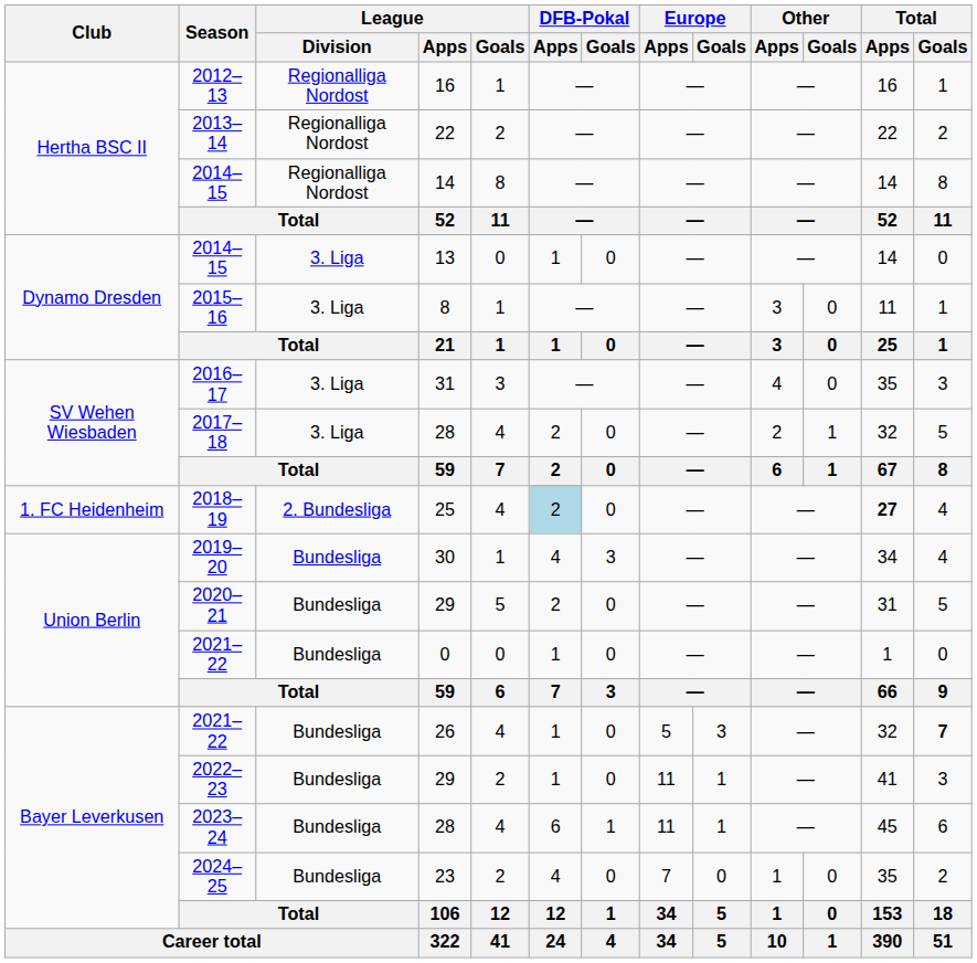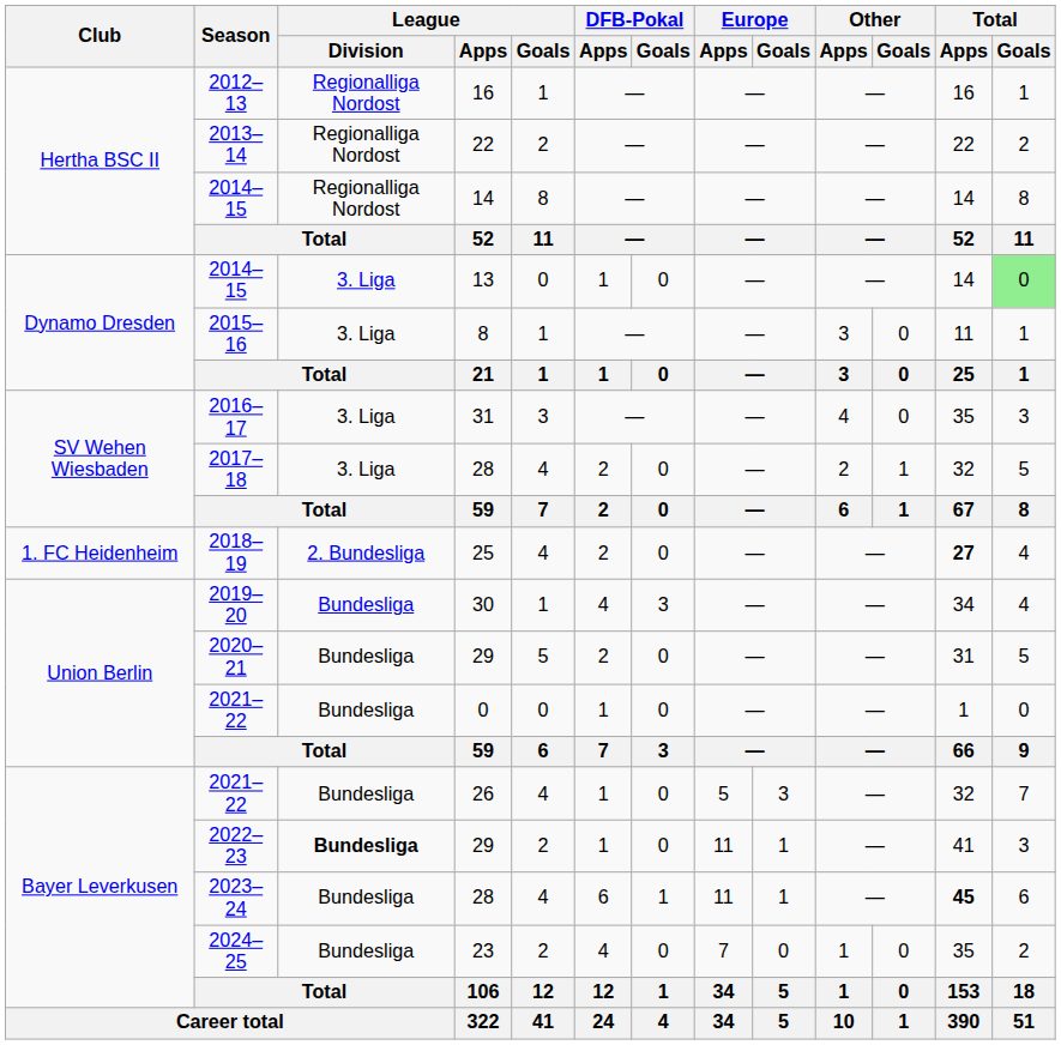 <table class="wikitable" style="text-align:center">
 <tr>
 <th rowspan="2">Club</th>
 <th rowspan="2">Season</th>
 <th colspan="3">League</th>
 <th colspan="2"><a href='#'>DFB-Pokal</a></th>
 <th colspan="2"><a href='#'>Europe</a></th>
 <th colspan="2">Other</th>
 <th colspan="2">Total</th>
 </tr>
 <tr>
 <th>Division</th>
 <th>Apps</th>
 <th>Goals</th>
 <th>Apps</th>
 <th>Goals</th>
 <th>Apps</th>
 <th>Goals</th>
 <th>Apps</th>
 <th>Goals</th>
 <th>Apps</th>
 <th>Goals</th>
 </tr>
 <tr>
 <td rowspan="4"><a href='#'>Hertha BSC II</a></td>
 <td><a href='#'>2012–13</a></td>
 <td><a href='#'>Regionalliga Nordost</a></td>
 <td>16</td>
 <td>1</td>
 <td colspan="2">—</td>
 <td colspan="2">—</td>
 <td colspan="2">—</td>
 <td>16</td>
 <td>1</td>
 </tr>
 <tr>
 <td><a href='#'>2013–14</a></td>
 <td>Regionalliga Nordost</td>
 <td>22</td>
 <td>2</td>
 <td colspan="2">—</td>
 <td colspan="2">—</td>
 <td colspan="2">—</td>
 <td>22</td>
 <td>2</td>
 </tr>
 <tr>
 <td><a href='#'>2014–15</a></td>
 <td>Regionalliga Nordost</td>
 <td>14</td>
 <td>8</td>
 <td colspan="2">—</td>
 <td colspan="2">—</td>
 <td colspan="2">—</td>
 <td>14</td>
 <td>8</td>
 </tr>
 <tr>
 <th colspan="2">Total</th>
 <th>52</th>
 <th>11</th>
 <th colspan="2">—</th>
 <th colspan="2">—</th>
 <th colspan="2">—</th>
 <th>52</th>
 <th>11</th>
 </tr>
 <tr>
 <td rowspan="3"><a href='#'>Dynamo Dresden</a></td>
 <td><a href='#'>2014–15</a></td>
 <td><a href='#'>3. Liga</a></td>
 <td>13</td>
 <td>0</td>
 <td>1</td>
 <td>0</td>
 <td colspan="2">—</td>
 <td colspan="2">—</td>
 <td>14</td>
-<td>0</td>
+<td style="background: lightgreen;">0</td>
 </tr>
 <tr>
 <td><a href='#'>2015–16</a></td>
 <td>3. Liga</td>
 <td>8</td>
 <td>1</td>
 <td colspan="2">—</td>
 <td colspan="2">—</td>
 <td>3</td>
 <td>0</td>
 <td>11</td>
 <td>1</td>
 </tr>
 <tr>
 <th colspan="2">Total</th>
 <th>21</th>
 <th>1</th>
 <th>1</th>
 <th>0</th>
 <th colspan="2">—</th>
 <th>3</th>
 <th>0</th>
 <th>25</th>
 <th>1</th>
 </tr>
 <tr>
 <td rowspan="3"><a href='#'>SV Wehen Wiesbaden</a></td>
 <td><a href='#'>2016–17</a></td>
 <td>3. Liga</td>
 <td>31</td>
 <td>3</td>
 <td colspan="2">—</td>
 <td colspan="2">—</td>
 <td>4</td>
 <td>0</td>
 <td>35</td>
 <td>3</td>
 </tr>
 <tr>
 <td><a href='#'>2017–18</a></td>
 <td>3. Liga</td>
 <td>28</td>
 <td>4</td>
 <td>2</td>
 <td>0</td>
 <td colspan="2">—</td>
 <td>2</td>
 <td>1</td>
 <td>32</td>
 <td>5</td>
 </tr>
 <tr>
 <th colspan="2">Total</th>
 <th>59</th>
 <th>7</th>
 <th>2</th>
 <th>0</th>
 <th colspan="2">—</th>
 <th>6</th>
 <th>1</th>
 <th>67</th>
 <th>8</th>
 </tr>
 <tr>
 <td><a href='#'>1. FC Heidenheim</a></td>
 <td><a href='#'>2018–19</a></td>
 <td><a href='#'>2. Bundesliga</a></td>
 <td>25</td>
 <td>4</td>
-<td style="background: lightblue;">2</td>
+<td>2</td>
 <td>0</td>
 <td colspan="2">—</td>
 <td colspan="2">—</td>
 <td><strong>27</strong></td>
 <td>4</td>
 </tr>
 <tr>
 <td rowspan="4"><a href='#'>Union Berlin</a></td>
 <td><a href='#'>2019–20</a></td>
 <td><a href='#'>Bundesliga</a></td>
 <td>30</td>
 <td>1</td>
 <td>4</td>
 <td>3</td>
 <td colspan="2">—</td>
 <td colspan="2">—</td>
 <td>34</td>
 <td>4</td>
 </tr>
 <tr>
 <td><a href='#'>2020–21</a></td>
 <td>Bundesliga</td>
 <td>29</td>
 <td>5</td>
 <td>2</td>
 <td>0</td>
 <td colspan="2">—</td>
 <td colspan="2">—</td>
 <td>31</td>
 <td>5</td>
 </tr>
 <tr>
 <td><a href='#'>2021–22</a></td>
 <td>Bundesliga</td>
 <td>0</td>
 <td>0</td>
 <td>1</td>
 <td>0</td>
 <td colspan="2">—</td>
 <td colspan="2">—</td>
 <td>1</td>
 <td>0</td>
 </tr>
 <tr>
 <th colspan="2">Total</th>
 <th>59</th>
 <th>6</th>
 <th>7</th>
 <th>3</th>
 <th colspan="2">—</th>
 <th colspan="2">—</th>
 <th>66</th>
 <th>9</th>
 </tr>
 <tr>
 <td rowspan="5"><a href='#'>Bayer Leverkusen</a></td>
 <td><a href='#'>2021–22</a></td>
 <td>Bundesliga</td>
 <td>26</td>
 <td>4</td>
 <td>1</td>
 <td>0</td>
 <td>5</td>
 <td>3</td>
 <td colspan="2">—</td>
 <td>32</td>
-<td><strong>7</strong></td>
+<td>7</td>
 </tr>
 <tr>
 <td><a href='#'>2022–23</a></td>
-<td>Bundesliga</td>
+<td><strong>Bundesliga</strong></td>
 <td>29</td>
 <td>2</td>
 <td>1</td>
 <td>0</td>
 <td>11</td>
 <td>1</td>
 <td colspan="2">—</td>
 <td>41</td>
 <td>3</td>
 </tr>
 <tr>
 <td><a href='#'>2023–24</a></td>
 <td>Bundesliga</td>
 <td>28</td>
 <td>4</td>
 <td>6</td>
 <td>1</td>
 <td>11</td>
 <td>1</td>
 <td colspan="2">—</td>
-<td>45</td>
+<td><strong>45</strong></td>
 <td>6</td>
 </tr>
 <tr>
 <td><a href='#'>2024–25</a></td>
 <td>Bundesliga</td>
 <td>23</td>
 <td>2</td>
 <td>4</td>
 <td>0</td>
 <td>7</td>
 <td>0</td>
 <td>1</td>
 <td>0</td>
 <td>35</td>
 <td>2</td>
 </tr>
 <tr>
 <th colspan="2">Total</th>
 <th>106</th>
 <th>12</th>
 <th>12</th>
 <th>1</th>
 <th>34</th>
 <th>5</th>
 <th>1</th>
 <th>0</th>
 <th>153</th>
 <th>18</th>
 </tr>
 <tr>
 <th colspan="3">Career total</th>
 <th>322</th>
 <th>41</th>
 <th>24</th>
 <th>4</th>
 <th>34</th>
 <th>5</th>
 <th>10</th>
 <th>1</th>
 <th>390</th>
 <th>51</th>
 </tr>
 </table>
